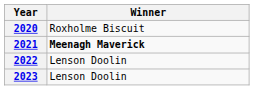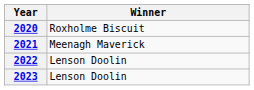 <table class="wikitable">
 <tr>
 <th width=50>Year</th>
 <th width=260>Winner</th>
 </tr>
 <tr>
 <th><a href='#'>2020</a></th>
 <td>Roxholme Biscuit</td>
 </tr>
 <tr>
 <th><a href='#'>2021</a></th>
-<td><strong>Meenagh Maverick</strong></td>
+<td>Meenagh Maverick</td>
 </tr>
 <tr>
 <th><a href='#'>2022</a></th>
 <td>Lenson Doolin</td>
 </tr>
 <tr>
 <th><a href='#'>2023</a></th>
 <td>Lenson Doolin</td>
 </tr>
 </table>
